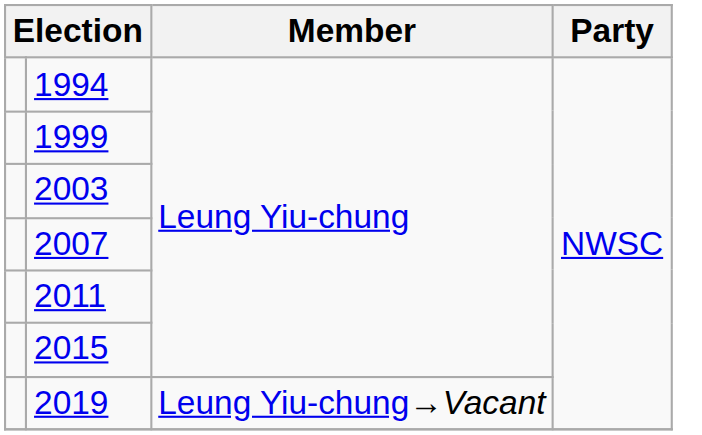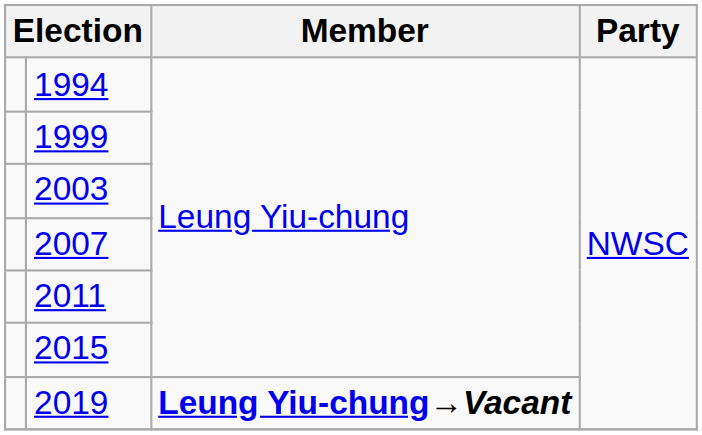 <table class="wikitable">
 <tr>
 <th colspan="2">Election</th>
 <th>Member</th>
 <th>Party</th>
 </tr>
 <tr>
 <td style="background-color: "></td>
 <td><a href='#'>1994</a></td>
 <td rowspan=6><a href='#'>Leung Yiu-chung</a></td>
 <td rowspan=7><a href='#'>NWSC</a></td>
 </tr>
 <tr>
 <td style="background-color: "></td>
 <td><a href='#'>1999</a></td>
 </tr>
 <tr>
 <td style="background-color: "></td>
 <td><a href='#'>2003</a></td>
 </tr>
 <tr>
 <td style="background-color: "></td>
 <td><a href='#'>2007</a></td>
 </tr>
 <tr>
 <td style="background-color: "></td>
 <td><a href='#'>2011</a></td>
 </tr>
 <tr>
 <td style="background-color: "></td>
 <td><a href='#'>2015</a></td>
 </tr>
 <tr>
 <td style="background-color: "></td>
 <td><a href='#'>2019</a></td>
-<td><a href='#'>Leung Yiu-chung</a>→<em>Vacant</em></td>
+<td><strong><a href='#'>Leung Yiu-chung</a>→<em>Vacant</em></strong></td>
 </tr>
 <tr>
 </tr>
 </table>
